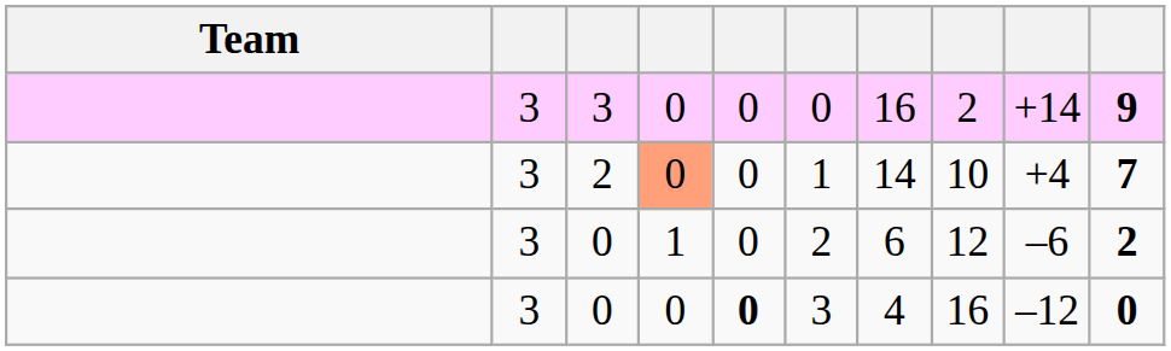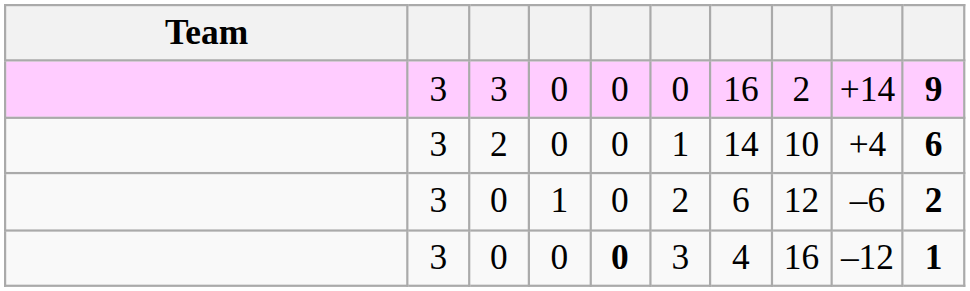 <table class="wikitable" style="text-align: center;">
 <tr>
 <th style="width:175px;">Team</th>
 <th width="20"></th>
 <th width="20"></th>
 <th width="20"></th>
 <th width="20"></th>
 <th width="20"></th>
 <th width="20"></th>
 <th width="20"></th>
 <th width="20"></th>
 <th width="20"></th>
 </tr>
 <tr style="background:#ffccff;">
 <td align=left></td>
 <td>3</td>
 <td>3</td>
 <td>0</td>
 <td>0</td>
 <td>0</td>
 <td>16</td>
 <td>2</td>
 <td>+14</td>
 <td><strong>9</strong></td>
 </tr>
 <tr>
 <td align=left></td>
 <td>3</td>
 <td>2</td>
-<td style="background: lightsalmon;">0</td>
+<td>0</td>
 <td>0</td>
 <td>1</td>
 <td>14</td>
 <td>10</td>
 <td>+4</td>
-<td><strong>7</strong></td>
+<td><strong>6</strong></td>
 </tr>
 <tr>
 <td align=left></td>
 <td>3</td>
 <td>0</td>
 <td>1</td>
 <td>0</td>
 <td>2</td>
 <td>6</td>
 <td>12</td>
 <td>–6</td>
 <td><strong>2</strong></td>
 </tr>
 <tr>
 <td align=left></td>
 <td>3</td>
 <td>0</td>
 <td>0</td>
 <td><strong>0</strong></td>
 <td>3</td>
 <td>4</td>
 <td>16</td>
 <td>–12</td>
-<td><strong>0</strong></td>
+<td><strong>1</strong></td>
 </tr>
 </table>
